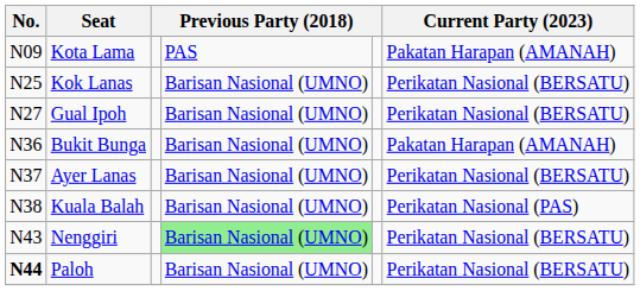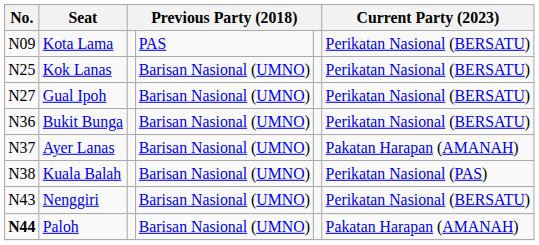 <table class="wikitable sortable" style="font-size:95%;">
 <tr>
 <th scope="col">No.</th>
 <th scope="col">Seat</th>
 <th colspan="3" scope="col">Previous Party (2018)</th>
 <th colspan="3" scope="col">Current Party (2023)</th>
 </tr>
 <tr>
 <td>N09</td>
 <td><a href='#'>Kota Lama</a></td>
 <td width="1"></td>
 <td><a href='#'>PAS</a></td>
 <td width="1"></td>
-<td><a href='#'>Pakatan Harapan</a> (<a href='#'>AMANAH</a>)</td>
+<td><a href='#'>Perikatan Nasional</a> (<a href='#'>BERSATU</a>)</td>
 </tr>
 <tr>
 <td>N25</td>
 <td><a href='#'>Kok Lanas</a></td>
 <td width="1"></td>
 <td><a href='#'>Barisan Nasional</a> (<a href='#'>UMNO</a>)</td>
 <td width="1"></td>
 <td><a href='#'>Perikatan Nasional</a> (<a href='#'>BERSATU</a>)</td>
 </tr>
 <tr>
 <td>N27</td>
 <td><a href='#'>Gual Ipoh</a></td>
 <td width="1"></td>
 <td><a href='#'>Barisan Nasional</a> (<a href='#'>UMNO</a>)</td>
 <td width="1"></td>
 <td><a href='#'>Perikatan Nasional</a> (<a href='#'>BERSATU</a>)</td>
 </tr>
 <tr>
 <td>N36</td>
 <td><a href='#'>Bukit Bunga</a></td>
 <td width="1"></td>
 <td><a href='#'>Barisan Nasional</a> (<a href='#'>UMNO</a>)</td>
 <td width="1"></td>
-<td><a href='#'>Pakatan Harapan</a> (<a href='#'>AMANAH</a>)</td>
+<td><a href='#'>Perikatan Nasional</a> (<a href='#'>BERSATU</a>)</td>
 </tr>
 <tr>
 <td>N37</td>
 <td><a href='#'>Ayer Lanas</a></td>
 <td width="1"></td>
 <td><a href='#'>Barisan Nasional</a> (<a href='#'>UMNO</a>)</td>
 <td width="1"></td>
-<td><a href='#'>Perikatan Nasional</a> (<a href='#'>BERSATU</a>)</td>
+<td><a href='#'>Pakatan Harapan</a> (<a href='#'>AMANAH</a>)</td>
 </tr>
 <tr>
 <td>N38</td>
 <td><a href='#'>Kuala Balah</a></td>
 <td width="1"></td>
 <td><a href='#'>Barisan Nasional</a> (<a href='#'>UMNO</a>)</td>
 <td width="1"></td>
 <td><a href='#'>Perikatan Nasional</a> (<a href='#'>PAS</a>)</td>
 </tr>
 <tr>
 <td>N43</td>
 <td><a href='#'>Nenggiri</a></td>
 <td width="1"></td>
-<td style="background: lightgreen;"><a href='#'>Barisan Nasional</a> (<a href='#'>UMNO</a>)</td>
+<td><a href='#'>Barisan Nasional</a> (<a href='#'>UMNO</a>)</td>
 <td width="1"></td>
 <td><a href='#'>Perikatan Nasional</a> (<a href='#'>BERSATU</a>)</td>
 </tr>
 <tr>
 <td><strong>N44</strong></td>
 <td><a href='#'>Paloh</a></td>
 <td width="1"></td>
 <td><a href='#'>Barisan Nasional</a> (<a href='#'>UMNO</a>)</td>
 <td width="1"></td>
-<td><a href='#'>Perikatan Nasional</a> (<a href='#'>BERSATU</a>)</td>
+<td><a href='#'>Pakatan Harapan</a> (<a href='#'>AMANAH</a>)</td>
 </tr>
 <tr>
 </tr>
 </table>
